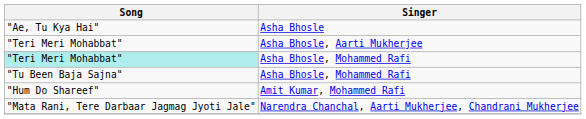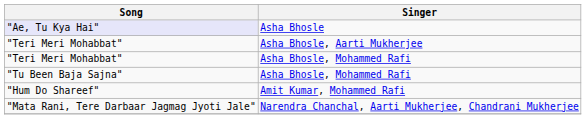 <table class="wikitable">
 <tr>
 <th>Song</th>
 <th>Singer</th>
 </tr>
 <tr>
-<td>"Ae, Tu Kya Hai"</td>
+<td style="background: lavender;">"Ae, Tu Kya Hai"</td>
 <td><a href='#'>Asha Bhosle</a></td>
 </tr>
 <tr>
 <td>"Teri Meri Mohabbat"</td>
 <td><a href='#'>Asha Bhosle</a>, <a href='#'>Aarti Mukherjee</a></td>
 </tr>
 <tr>
-<td style="background: paleturquoise;">"Teri Meri Mohabbat"</td>
+<td>"Teri Meri Mohabbat"</td>
 <td><a href='#'>Asha Bhosle</a>, <a href='#'>Mohammed Rafi</a></td>
 </tr>
 <tr>
 <td>"Tu Been Baja Sajna"</td>
 <td><a href='#'>Asha Bhosle</a>, <a href='#'>Mohammed Rafi</a></td>
 </tr>
 <tr>
 <td>"Hum Do Shareef"</td>
 <td><a href='#'>Amit Kumar</a>, <a href='#'>Mohammed Rafi</a></td>
 </tr>
 <tr>
 <td>"Mata Rani, Tere Darbaar Jagmag Jyoti Jale"</td>
 <td><a href='#'>Narendra Chanchal</a>, <a href='#'>Aarti Mukherjee</a>, <a href='#'>Chandrani Mukherjee</a></td>
 </tr>
 <tr>
 </tr>
 </table>
